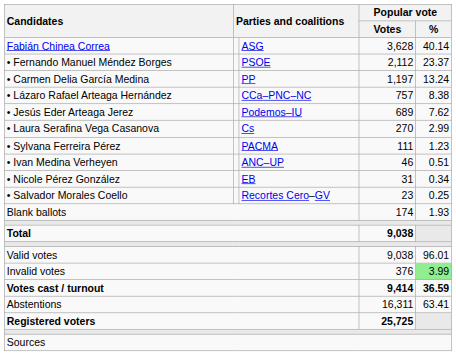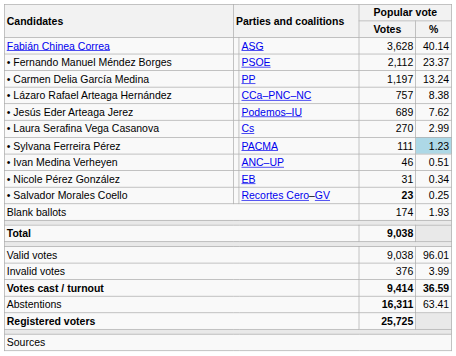 <table class="wikitable" style="text-align:right; font-size:95%;">
 <tr>
 <th style="text-align:left;" rowspan="2" width="325">Candidates</th>
 <th style="text-align:left;" rowspan="2" colspan="2" width="175">Parties and coalitions</th>
 <th colspan="2">Popular vote</th>
 </tr>
 <tr>
 <th width="75">Votes</th>
 <th width="45">%</th>
 </tr>
 <tr>
 <td align="left"> <a href='#'>Fabián Chinea Correa</a></td>
 <td width="1" style="color:inherit;background:"></td>
 <td align="left"><a href='#'>ASG</a></td>
 <td>3,628</td>
 <td>40.14</td>
 </tr>
 <tr>
 <td align="left">• Fernando Manuel Méndez Borges</td>
 <td style="color:inherit;background:"></td>
 <td align="left"><a href='#'>PSOE</a></td>
 <td>2,112</td>
 <td>23.37</td>
 </tr>
 <tr>
 <td align="left">• Carmen Delia García Medina</td>
 <td style="color:inherit;background:"></td>
 <td align="left"><a href='#'>PP</a></td>
 <td>1,197</td>
 <td>13.24</td>
 </tr>
 <tr>
 <td align="left">• Lázaro Rafael Arteaga Hernández</td>
 <td style="color:inherit;background:"></td>
 <td align="left"><a href='#'>CCa–PNC–NC</a></td>
 <td>757</td>
 <td>8.38</td>
 </tr>
 <tr>
 <td align="left">• Jesús Eder Arteaga Jerez</td>
 <td style="color:inherit;background:"></td>
 <td align="left"><a href='#'>Podemos–IU</a></td>
 <td>689</td>
 <td>7.62</td>
 </tr>
 <tr>
 <td align="left">• Laura Serafina Vega Casanova</td>
 <td style="color:inherit;background:"></td>
 <td align="left"><a href='#'>Cs</a></td>
 <td>270</td>
 <td>2.99</td>
 </tr>
 <tr>
 <td align="left">• Sylvana Ferreira Pérez</td>
 <td style="color:inherit;background:"></td>
 <td align="left"><a href='#'>PACMA</a></td>
 <td>111</td>
-<td>1.23</td>
+<td style="background: lightblue;">1.23</td>
 </tr>
 <tr>
 <td align="left">• Ivan Medina Verheyen</td>
 <td style="color:inherit;background:"></td>
 <td align="left"><a href='#'>ANC–UP</a></td>
 <td>46</td>
 <td>0.51</td>
 </tr>
 <tr>
 <td align="left">• Nicole Pérez González</td>
 <td style="color:inherit;background:"></td>
 <td align="left"><a href='#'>EB</a></td>
 <td>31</td>
 <td>0.34</td>
 </tr>
 <tr>
 <td align="left">• Salvador Morales Coello</td>
 <td style="color:inherit;background:"></td>
 <td align="left"><a href='#'>Recortes Cero</a>–<a href='#'>GV</a></td>
-<td>23</td>
+<td><strong>23</strong></td>
 <td>0.25</td>
 </tr>
 <tr>
 <td align="left" colspan="3">Blank ballots</td>
 <td>174</td>
 <td>1.93</td>
 </tr>
 <tr>
 <td colspan="5" bgcolor="#E9E9E9"></td>
 </tr>
 <tr style="font-weight:bold;">
 <td align="left" colspan="3">Total</td>
 <td>9,038</td>
 <td bgcolor="#E9E9E9"></td>
 </tr>
 <tr>
 <td colspan="5" bgcolor="#E9E9E9"></td>
 </tr>
 <tr>
 <td align="left" colspan="3">Valid votes</td>
 <td>9,038</td>
 <td>96.01</td>
 </tr>
 <tr>
 <td align="left" colspan="3">Invalid votes</td>
 <td>376</td>
-<td style="background: lightgreen;">3.99</td>
+<td>3.99</td>
 </tr>
 <tr style="font-weight:bold;">
 <td align="left" colspan="3">Votes cast / turnout</td>
 <td>9,414</td>
 <td>36.59</td>
 </tr>
 <tr>
 <td align="left" colspan="3">Abstentions</td>
-<td>16,311</td>
+<td><strong>16,311</strong></td>
 <td>63.41</td>
 </tr>
 <tr style="font-weight:bold;">
 <td align="left" colspan="3">Registered voters</td>
 <td>25,725</td>
 <td bgcolor="#E9E9E9"></td>
 </tr>
 <tr>
 <td colspan="5" bgcolor="#E9E9E9"></td>
 </tr>
 <tr>
 <td align="left" colspan="5">Sources</td>
 </tr>
 </table>
